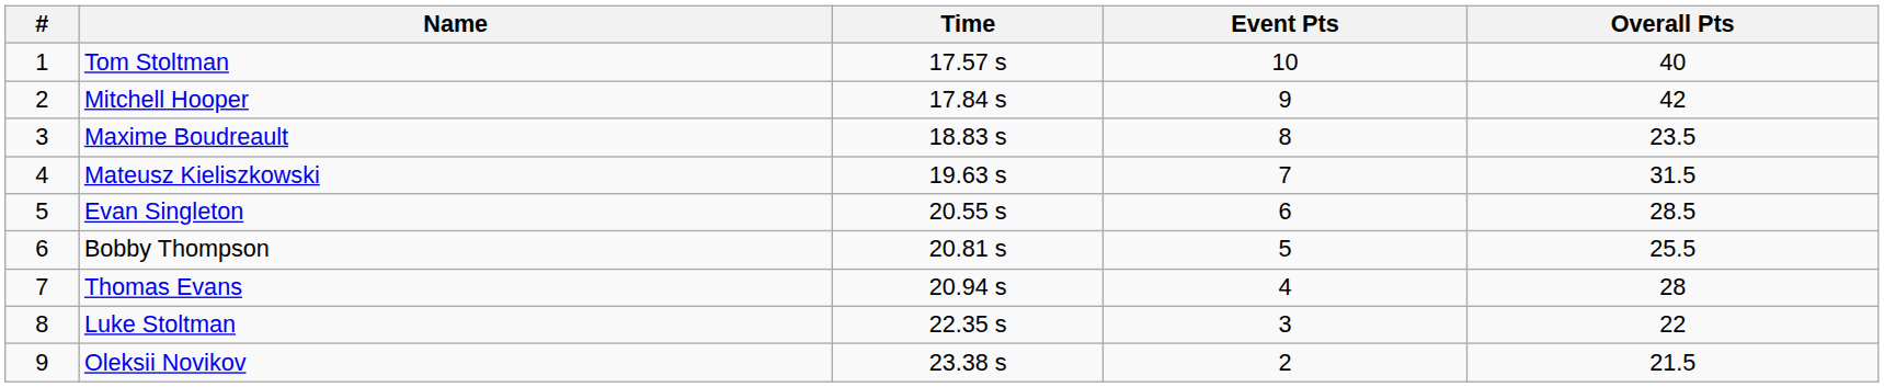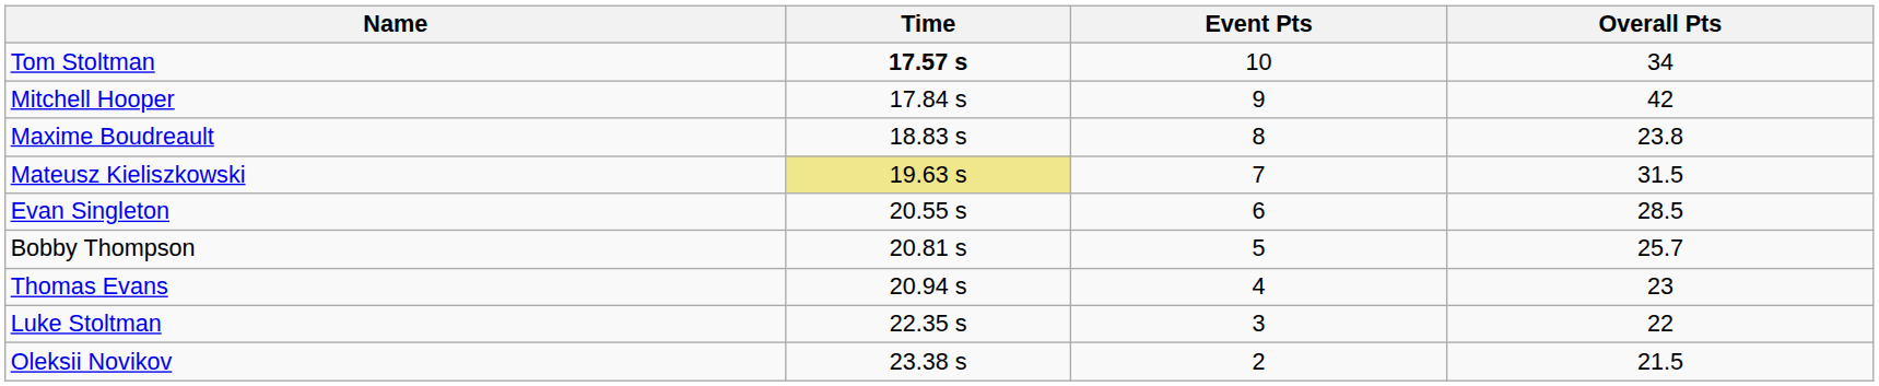 <table class="wikitable sortable" style="display: inline-table;width: 80%; text-align:center">
 <tr>
-<th>#</th>
 <th>Name</th>
 <th>Time</th>
 <th>Event Pts</th>
 <th>Overall Pts</th>
 </tr>
 <tr>
-<td>1</td>
 <td align="left"> <a href='#'>Tom Stoltman</a></td>
-<td>17.57 s</td>
+<td><strong>17.57 s</strong></td>
 <td>10</td>
-<td>40</td>
+<td>34</td>
 </tr>
 <tr>
-<td>2</td>
 <td align="left"> <a href='#'>Mitchell Hooper</a></td>
 <td>17.84 s</td>
 <td>9</td>
 <td>42</td>
 </tr>
 <tr>
-<td>3</td>
 <td align="left"> <a href='#'>Maxime Boudreault</a></td>
 <td>18.83 s</td>
 <td>8</td>
-<td>23.5</td>
+<td>23.8</td>
 </tr>
 <tr>
-<td>4</td>
 <td align="left"> <a href='#'>Mateusz Kieliszkowski</a></td>
-<td>19.63 s</td>
+<td style="background: khaki;">19.63 s</td>
 <td>7</td>
 <td>31.5</td>
 </tr>
 <tr>
-<td>5</td>
 <td align="left"> <a href='#'>Evan Singleton</a></td>
 <td>20.55 s</td>
 <td>6</td>
 <td>28.5</td>
 </tr>
 <tr>
-<td>6</td>
 <td align="left"> Bobby Thompson</td>
 <td>20.81 s</td>
 <td>5</td>
-<td>25.5</td>
+<td>25.7</td>
 </tr>
 <tr>
-<td>7</td>
 <td align="left"> <a href='#'>Thomas Evans</a></td>
 <td>20.94 s</td>
 <td>4</td>
-<td>28</td>
+<td>23</td>
 </tr>
 <tr>
-<td>8</td>
 <td align="left"> <a href='#'>Luke Stoltman</a></td>
 <td>22.35 s</td>
 <td>3</td>
 <td>22</td>
 </tr>
 <tr>
-<td>9</td>
 <td align="left"> <a href='#'>Oleksii Novikov</a></td>
 <td>23.38 s</td>
 <td>2</td>
 <td>21.5</td>
 </tr>
 </table>
